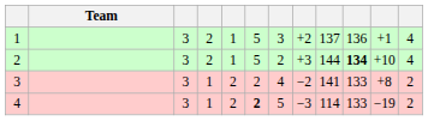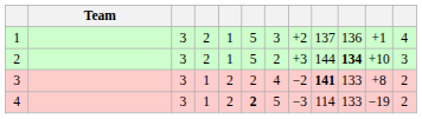 <table class=wikitable style="text-align: center;">
 <tr>
 <th style="width: 20px;"></th>
 <th style="width: 160px;">Team</th>
 <th style="width: 20px;"></th>
 <th style="width: 20px;"></th>
 <th style="width: 20px;"></th>
 <th style="width: 20px;"></th>
 <th style="width: 20px;"></th>
 <th style="width: 20px;"></th>
 <th style="width: 20px;"></th>
 <th style="width: 20px;"></th>
 <th style="width: 20px;"></th>
 <th style="width: 20px;"></th>
 </tr>
 <tr style="background: #CCFFCC;">
 <td>1</td>
 <td style="text-align: left;"></td>
 <td>3</td>
 <td>2</td>
 <td>1</td>
 <td>5</td>
 <td>3</td>
 <td>+2</td>
 <td>137</td>
 <td>136</td>
 <td>+1</td>
 <td>4</td>
 </tr>
 <tr style="background: #CCFFCC;">
 <td>2</td>
 <td style="text-align: left;"></td>
 <td>3</td>
 <td>2</td>
 <td>1</td>
 <td>5</td>
 <td>2</td>
 <td>+3</td>
 <td>144</td>
 <td><strong>134</strong></td>
 <td>+10</td>
-<td>4</td>
+<td>3</td>
 </tr>
 <tr style="background: #FFCCCC;">
 <td>3</td>
 <td style="text-align: left;"></td>
 <td>3</td>
 <td>1</td>
 <td>2</td>
 <td>2</td>
 <td>4</td>
 <td>−2</td>
-<td>141</td>
+<td><strong>141</strong></td>
 <td>133</td>
 <td>+8</td>
 <td>2</td>
 </tr>
 <tr style="background: #FFCCCC;">
 <td>4</td>
 <td style="text-align: left;"></td>
 <td>3</td>
 <td>1</td>
 <td>2</td>
 <td><strong>2</strong></td>
 <td>5</td>
 <td>−3</td>
 <td>114</td>
 <td>133</td>
 <td>−19</td>
 <td>2</td>
 </tr>
 </table>
